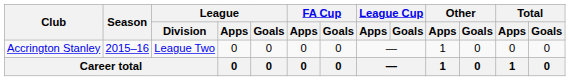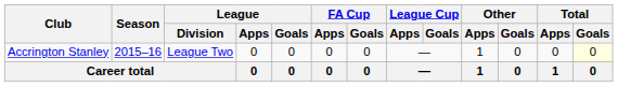 <table class="wikitable" style="text-align: center;">
 <tr>
 <th rowspan="2">Club</th>
 <th rowspan="2">Season</th>
 <th colspan="3">League</th>
 <th colspan="2"><a href='#'>FA Cup</a></th>
 <th colspan="2"><a href='#'>League Cup</a></th>
 <th colspan="2">Other</th>
 <th colspan="2">Total</th>
 </tr>
 <tr>
 <th>Division</th>
 <th>Apps</th>
 <th>Goals</th>
 <th>Apps</th>
 <th>Goals</th>
 <th>Apps</th>
 <th>Goals</th>
 <th>Apps</th>
 <th>Goals</th>
 <th>Apps</th>
 <th>Goals</th>
 </tr>
 <tr>
 <td><a href='#'>Accrington Stanley</a></td>
 <td><a href='#'>2015–16</a></td>
 <td><a href='#'>League Two</a></td>
 <td>0</td>
 <td>0</td>
 <td>0</td>
 <td>0</td>
 <td colspan="2">—</td>
 <td>1</td>
 <td>0</td>
 <td>0</td>
-<td>0</td>
+<td style="background: lightyellow;">0</td>
 </tr>
 <tr>
 <th colspan="3">Career total</th>
 <th>0</th>
 <th>0</th>
 <th>0</th>
 <th>0</th>
 <th colspan="2">—</th>
 <th>1</th>
 <th>0</th>
 <th>1</th>
 <th>0</th>
 </tr>
 </table>
